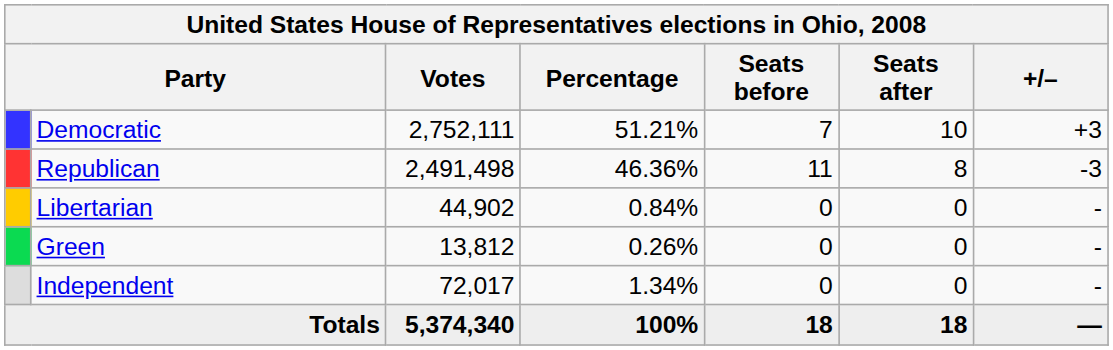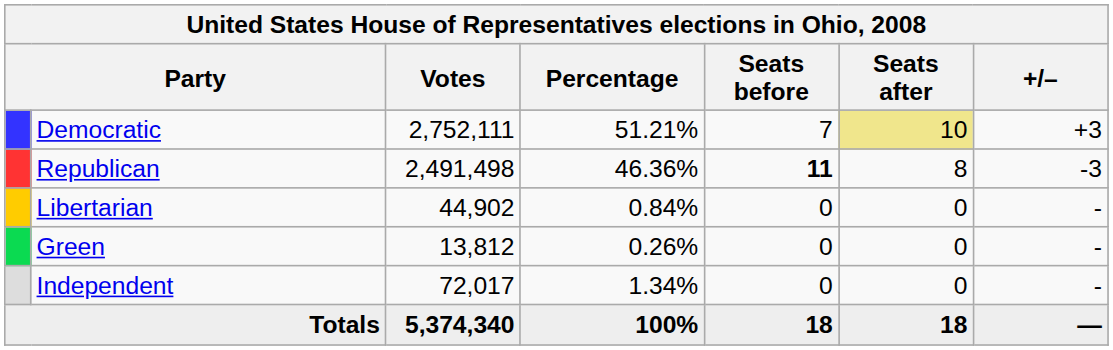 <table class="wikitable" style="font-size: 95%;">
 <tr>
 <th colspan="8">United States House of Representatives elections in Ohio, 2008</th>
 </tr>
 <tr>
 <th colspan=2 style="width: 15em">Party</th>
 <th style="width: 5em">Votes</th>
 <th style="width: 7em">Percentage</th>
 <th style="width: 5em">Seats before</th>
 <th style="width: 5em">Seats after</th>
 <th style="width: 5em">+/–</th>
 </tr>
 <tr>
 <th style="background-color:#3333FF; width: 3px"></th>
 <td style="width: 130px"><a href='#'>Democratic</a></td>
 <td align="right">2,752,111</td>
 <td align="right">51.21%</td>
 <td align="right">7</td>
-<td align="right">10</td>
+<td align="right" style="background: khaki;">10</td>
 <td align="right">+3</td>
 </tr>
 <tr>
 <th style="background-color:#FF3333; width: 3px"></th>
 <td style="width: 130px"><a href='#'>Republican</a></td>
 <td align="right">2,491,498</td>
 <td align="right">46.36%</td>
-<td align="right">11</td>
+<td align="right"><strong>11</strong></td>
 <td align="right">8</td>
 <td align="right">-3</td>
 </tr>
 <tr>
 <th style="background-color:#FFCC00; width: 3px"></th>
 <td style="width: 130px"><a href='#'>Libertarian</a></td>
 <td align="right">44,902</td>
 <td align="right">0.84%</td>
 <td align="right">0</td>
 <td align="right">0</td>
 <td align="right">-</td>
 </tr>
 <tr>
 <th style="background-color:#0BDA51; width: 3px"></th>
 <td style="width: 130px"><a href='#'>Green</a></td>
 <td align="right">13,812</td>
 <td align="right">0.26%</td>
 <td align="right">0</td>
 <td align="right">0</td>
 <td align="right">-</td>
 </tr>
 <tr>
 <th style="background-color:#DDDDDD; width: 3px"></th>
 <td style="width: 130px"><a href='#'>Independent</a></td>
 <td align="right">72,017</td>
 <td align="right">1.34%</td>
 <td align="right">0</td>
 <td align="right">0</td>
 <td align="right">-</td>
 </tr>
 <tr bgcolor="#EEEEEE">
 <td colspan="2" align="right"><strong>Totals</strong></td>
 <td align="right"><strong>5,374,340</strong></td>
 <td align="right"><strong>100%</strong></td>
 <td align="right"><strong>18</strong></td>
 <td align="right"><strong>18</strong></td>
 <td align="right"><strong>—</strong></td>
 </tr>
 </table>
